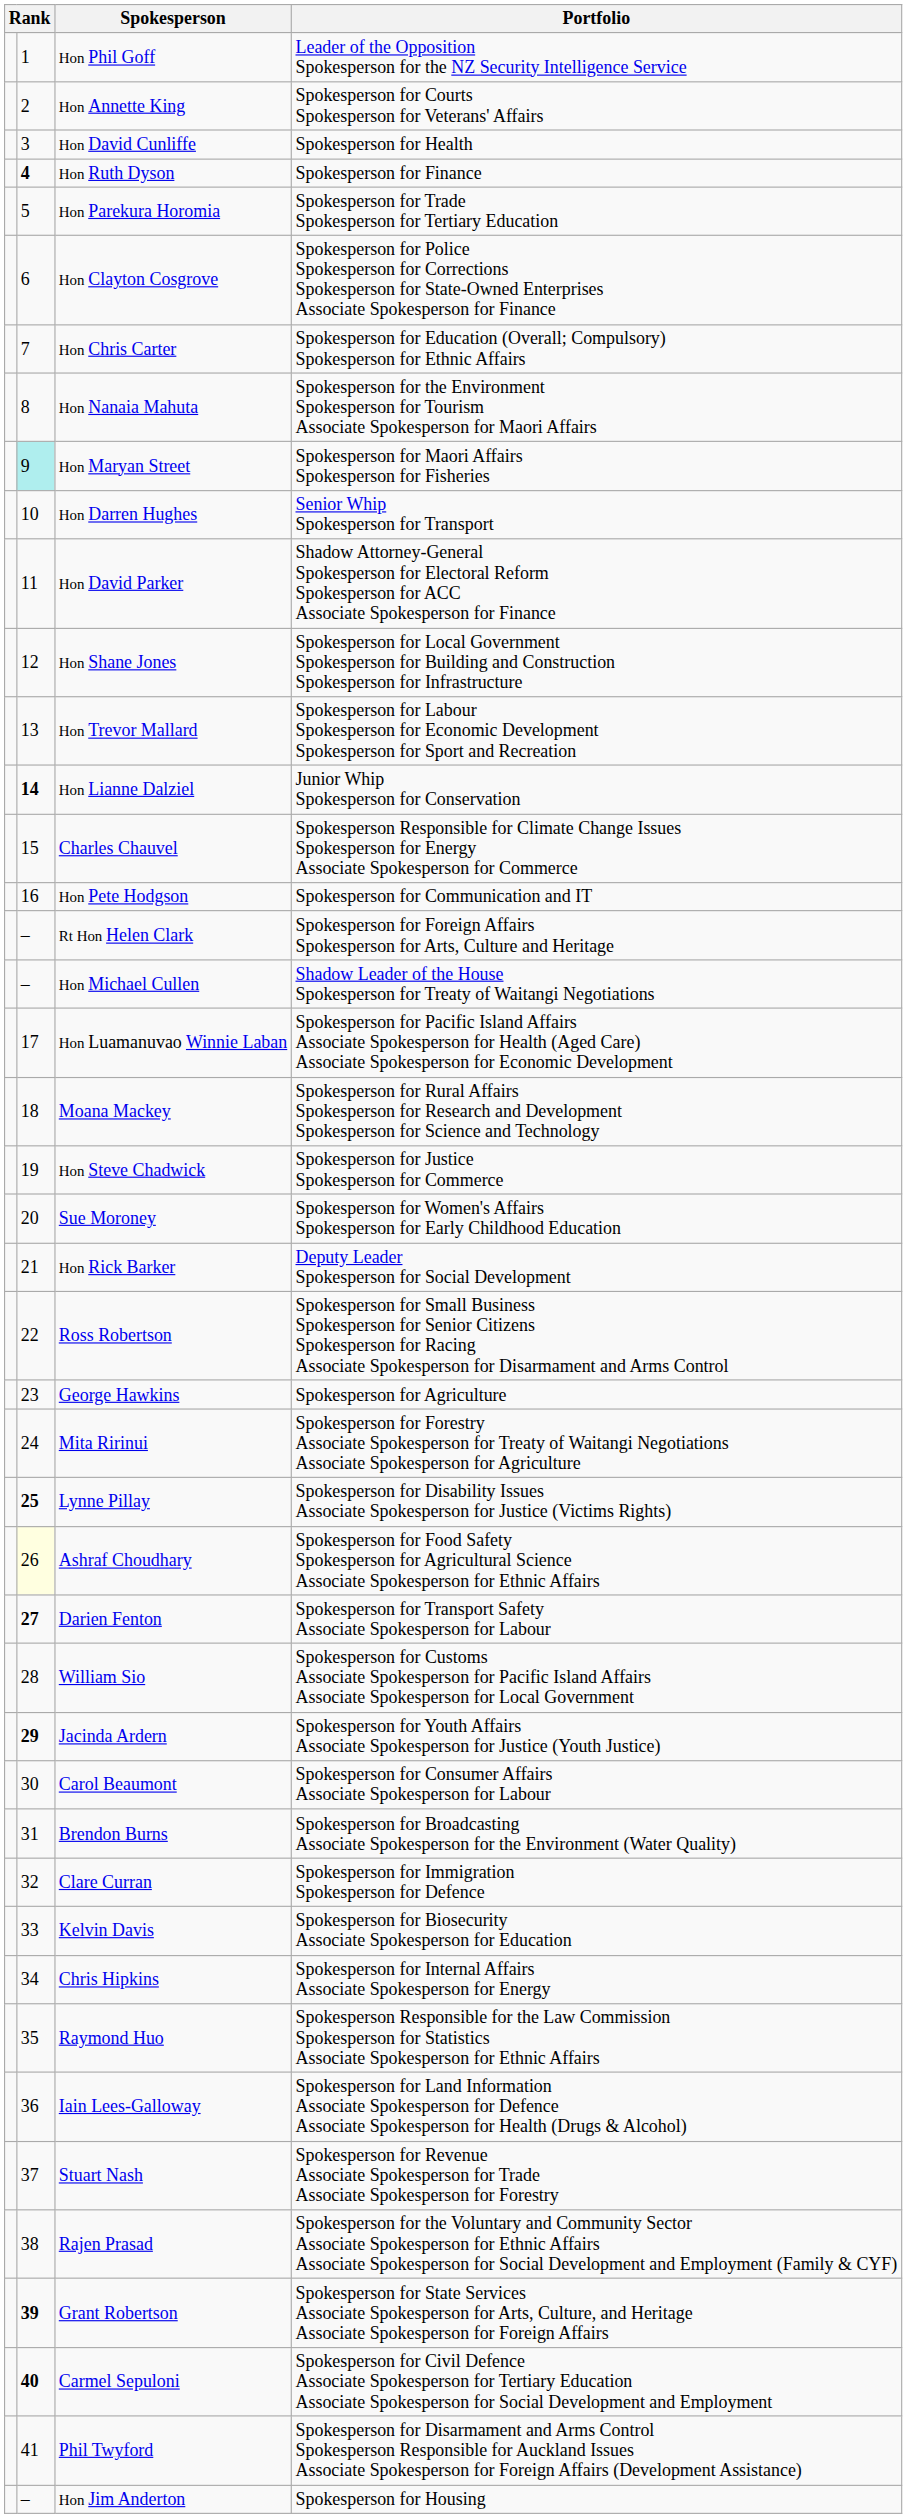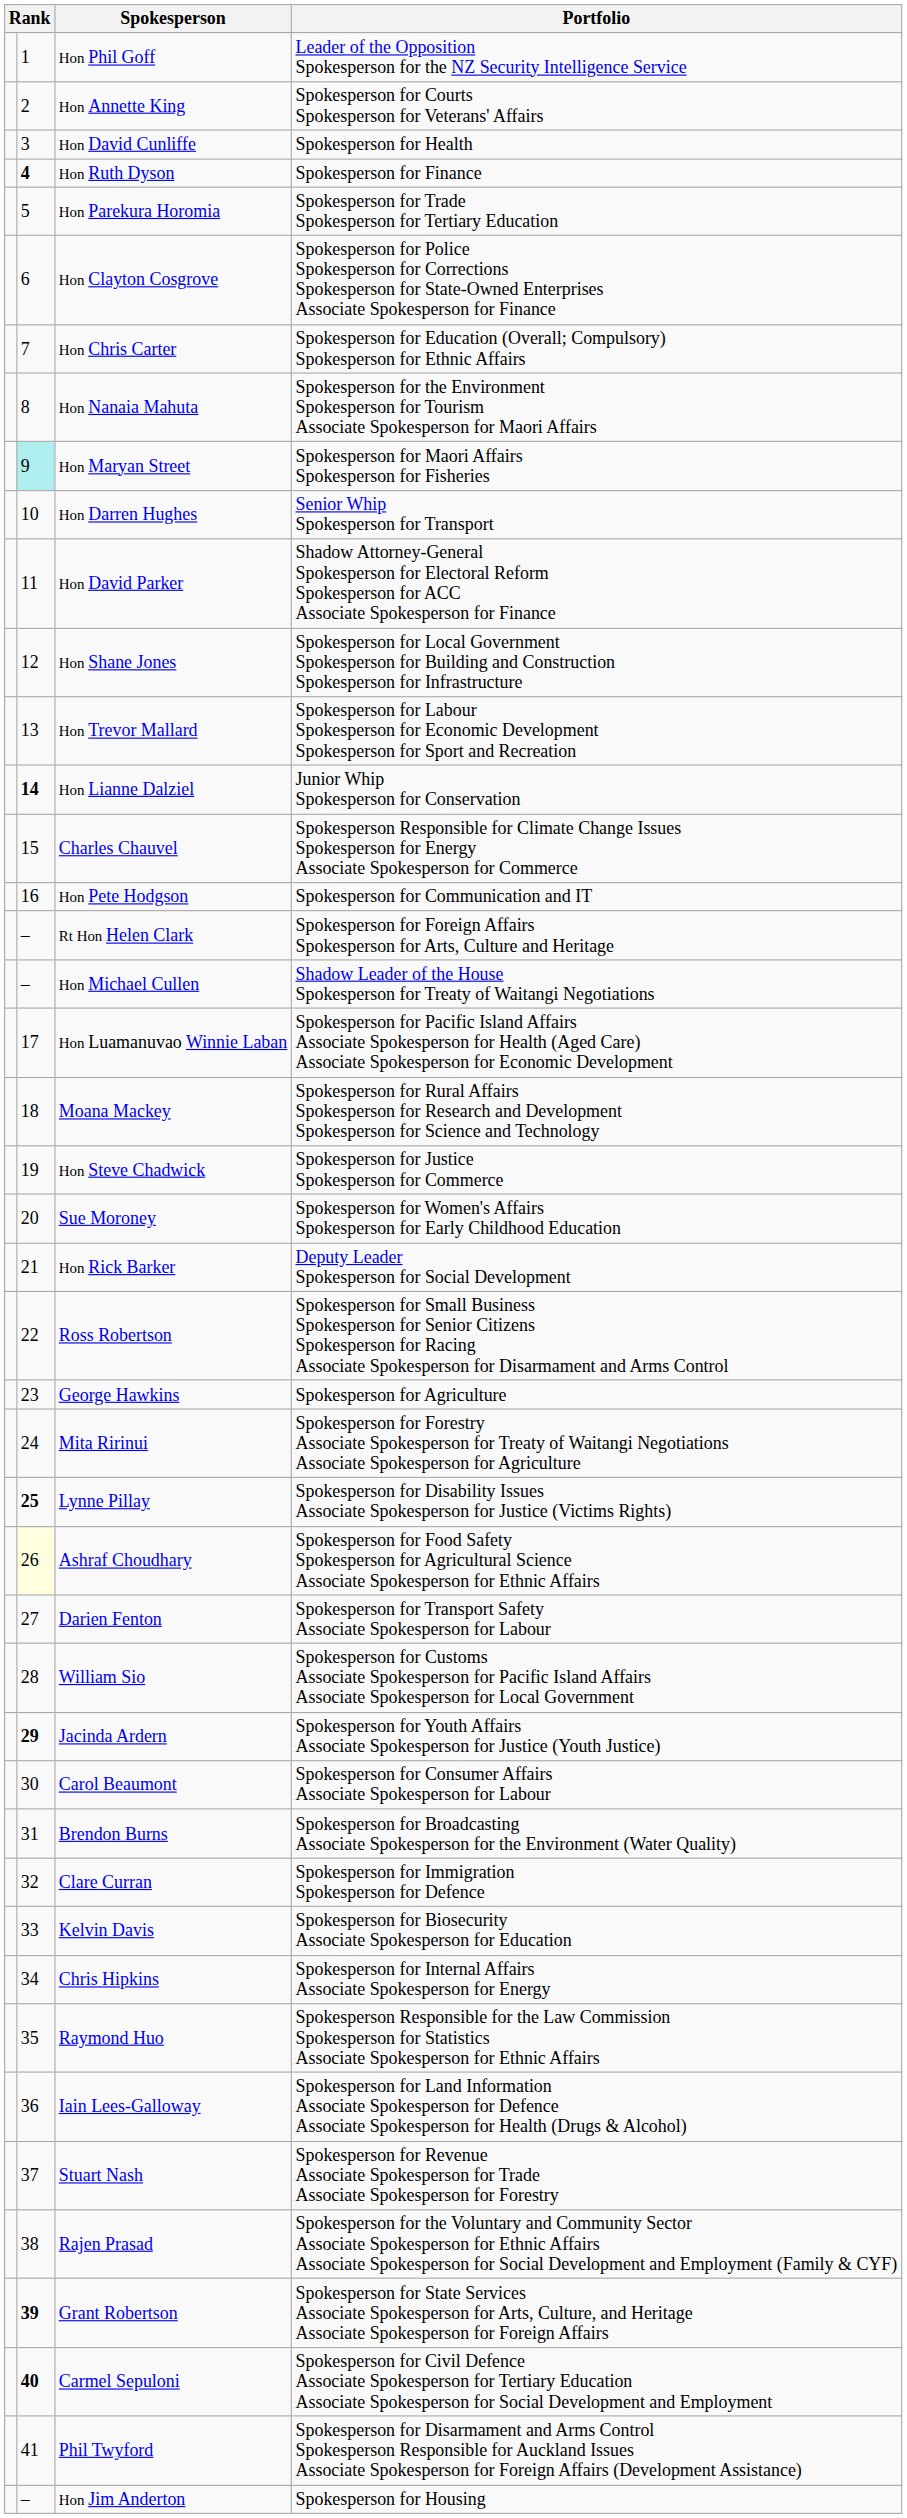 <table class="wikitable">
 <tr>
 <th colspan="2">Rank</th>
 <th>Spokesperson</th>
 <th>Portfolio</th>
 </tr>
 <tr>
 <td bgcolor=></td>
 <td>1</td>
 <td><small>Hon </small><a href='#'>Phil Goff</a></td>
 <td><a href='#'>Leader of the Opposition</a><br>Spokesperson for the <a href='#'>NZ Security Intelligence Service</a></td>
 </tr>
 <tr>
 <td bgcolor=></td>
 <td>2</td>
 <td><small>Hon </small><a href='#'>Annette King</a></td>
 <td>Spokesperson for Courts<br>Spokesperson for Veterans' Affairs</td>
 </tr>
 <tr>
 <td></td>
 <td>3</td>
 <td><small>Hon </small><a href='#'>David Cunliffe</a></td>
 <td>Spokesperson for Health</td>
 </tr>
 <tr>
 <td></td>
 <td><strong>4</strong></td>
 <td><small>Hon </small><a href='#'>Ruth Dyson</a></td>
 <td>Spokesperson for Finance</td>
 </tr>
 <tr>
 <td></td>
 <td>5</td>
 <td><small>Hon </small><a href='#'>Parekura Horomia</a></td>
 <td>Spokesperson for Trade<br>Spokesperson for Tertiary Education</td>
 </tr>
 <tr>
 <td></td>
 <td>6</td>
 <td><small>Hon </small><a href='#'>Clayton Cosgrove</a></td>
 <td>Spokesperson for Police<br>Spokesperson for Corrections<br>Spokesperson for State-Owned Enterprises<br>Associate Spokesperson for Finance</td>
 </tr>
 <tr>
 <td></td>
 <td>7</td>
 <td><small>Hon </small><a href='#'>Chris Carter</a></td>
 <td>Spokesperson for Education (Overall; Compulsory)<br>Spokesperson for Ethnic Affairs</td>
 </tr>
 <tr>
 <td></td>
 <td>8</td>
 <td><small>Hon </small><a href='#'>Nanaia Mahuta</a></td>
 <td>Spokesperson for the Environment<br>Spokesperson for Tourism<br>Associate Spokesperson for Maori Affairs</td>
 </tr>
 <tr>
 <td></td>
 <td style="background: paleturquoise;">9</td>
 <td><small>Hon </small><a href='#'>Maryan Street</a></td>
 <td>Spokesperson for Maori Affairs<br>Spokesperson for Fisheries</td>
 </tr>
 <tr>
 <td></td>
 <td>10</td>
 <td><small>Hon </small><a href='#'>Darren Hughes</a></td>
 <td><a href='#'>Senior Whip</a><br>Spokesperson for Transport</td>
 </tr>
 <tr>
 <td></td>
 <td>11</td>
 <td><small>Hon </small><a href='#'>David Parker</a></td>
 <td>Shadow Attorney-General<br>Spokesperson for Electoral Reform<br>Spokesperson for ACC<br>Associate Spokesperson for Finance</td>
 </tr>
 <tr>
 <td></td>
 <td>12</td>
 <td><small>Hon </small><a href='#'>Shane Jones</a></td>
 <td>Spokesperson for Local Government<br>Spokesperson for Building and Construction<br>Spokesperson for Infrastructure</td>
 </tr>
 <tr>
 <td></td>
 <td>13</td>
 <td><small>Hon </small><a href='#'>Trevor Mallard</a></td>
 <td>Spokesperson for Labour<br>Spokesperson for Economic Development<br>Spokesperson for Sport and Recreation</td>
 </tr>
 <tr>
 <td></td>
 <td><strong>14</strong></td>
 <td><small>Hon </small><a href='#'>Lianne Dalziel</a></td>
 <td>Junior Whip<br>Spokesperson for Conservation</td>
 </tr>
 <tr>
 <td></td>
 <td>15</td>
 <td><a href='#'>Charles Chauvel</a></td>
 <td>Spokesperson Responsible for Climate Change Issues<br>Spokesperson for Energy<br>Associate Spokesperson for Commerce</td>
 </tr>
 <tr>
 <td></td>
 <td>16</td>
 <td><small>Hon </small><a href='#'>Pete Hodgson</a></td>
 <td>Spokesperson for Communication and IT</td>
 </tr>
 <tr>
 <td></td>
 <td>–</td>
 <td><small>Rt Hon </small><a href='#'>Helen Clark</a></td>
 <td>Spokesperson for Foreign Affairs<br>Spokesperson for Arts, Culture and Heritage</td>
 </tr>
 <tr>
 <td></td>
 <td>–</td>
 <td><small>Hon </small><a href='#'>Michael Cullen</a></td>
 <td><a href='#'>Shadow Leader of the House</a><br>Spokesperson for Treaty of Waitangi Negotiations</td>
 </tr>
 <tr>
 <td bgcolor=></td>
 <td>17</td>
 <td><small>Hon </small>Luamanuvao <a href='#'>Winnie Laban</a></td>
 <td>Spokesperson for Pacific Island Affairs<br>Associate Spokesperson for Health (Aged Care)<br>Associate Spokesperson for Economic Development</td>
 </tr>
 <tr>
 <td bgcolor=></td>
 <td>18</td>
 <td><a href='#'>Moana Mackey</a></td>
 <td>Spokesperson for Rural Affairs<br>Spokesperson for Research and Development<br>Spokesperson for Science and Technology</td>
 </tr>
 <tr>
 <td bgcolor=></td>
 <td>19</td>
 <td><small>Hon </small><a href='#'>Steve Chadwick</a></td>
 <td>Spokesperson for Justice<br>Spokesperson for Commerce</td>
 </tr>
 <tr>
 <td bgcolor=></td>
 <td>20</td>
 <td><a href='#'>Sue Moroney</a></td>
 <td>Spokesperson for Women's Affairs<br>Spokesperson for Early Childhood Education</td>
 </tr>
 <tr>
 <td bgcolor=></td>
 <td>21</td>
 <td><small>Hon </small><a href='#'>Rick Barker</a></td>
 <td><a href='#'>Deputy Leader</a><br>Spokesperson for Social Development</td>
 </tr>
 <tr>
 <td bgcolor=></td>
 <td>22</td>
 <td><a href='#'>Ross Robertson</a></td>
 <td>Spokesperson for Small Business<br>Spokesperson for Senior Citizens<br>Spokesperson for Racing<br>Associate Spokesperson for Disarmament and Arms Control</td>
 </tr>
 <tr>
 <td bgcolor=></td>
 <td>23</td>
 <td><a href='#'>George Hawkins</a></td>
 <td>Spokesperson for Agriculture</td>
 </tr>
 <tr>
 <td bgcolor=></td>
 <td>24</td>
 <td><a href='#'>Mita Ririnui</a></td>
 <td>Spokesperson for Forestry<br>Associate Spokesperson for Treaty of Waitangi Negotiations<br>Associate Spokesperson for Agriculture</td>
 </tr>
 <tr>
 <td bgcolor=></td>
 <td><strong>25</strong></td>
 <td><a href='#'>Lynne Pillay</a></td>
 <td>Spokesperson for Disability Issues<br>Associate Spokesperson for Justice (Victims Rights)</td>
 </tr>
 <tr>
 <td bgcolor=></td>
 <td style="background: lightyellow;">26</td>
 <td><a href='#'>Ashraf Choudhary</a></td>
 <td>Spokesperson for Food Safety<br>Spokesperson for Agricultural Science<br>Associate Spokesperson for Ethnic Affairs</td>
 </tr>
 <tr>
 <td bgcolor=></td>
-<td><strong>27</strong></td>
+<td>27</td>
 <td><a href='#'>Darien Fenton</a></td>
 <td>Spokesperson for Transport Safety<br>Associate Spokesperson for Labour</td>
 </tr>
 <tr>
 <td bgcolor=></td>
 <td>28</td>
 <td><a href='#'>William Sio</a></td>
 <td>Spokesperson for Customs<br>Associate Spokesperson for Pacific Island Affairs<br>Associate Spokesperson for Local Government</td>
 </tr>
 <tr>
 <td bgcolor=></td>
 <td><strong>29</strong></td>
 <td><a href='#'>Jacinda Ardern</a></td>
 <td>Spokesperson for Youth Affairs<br>Associate Spokesperson for Justice (Youth Justice)</td>
 </tr>
 <tr>
 <td bgcolor=></td>
 <td>30</td>
 <td><a href='#'>Carol Beaumont</a></td>
 <td>Spokesperson for Consumer Affairs<br>Associate Spokesperson for Labour</td>
 </tr>
 <tr>
 <td bgcolor=></td>
 <td>31</td>
 <td><a href='#'>Brendon Burns</a></td>
 <td>Spokesperson for Broadcasting<br>Associate Spokesperson for the Environment (Water Quality)</td>
 </tr>
 <tr>
 <td bgcolor=></td>
 <td>32</td>
 <td><a href='#'>Clare Curran</a></td>
 <td>Spokesperson for Immigration<br>Spokesperson for Defence</td>
 </tr>
 <tr>
 <td bgcolor=></td>
 <td>33</td>
 <td><a href='#'>Kelvin Davis</a></td>
 <td>Spokesperson for Biosecurity<br>Associate Spokesperson for Education</td>
 </tr>
 <tr>
 <td bgcolor=></td>
 <td>34</td>
 <td><a href='#'>Chris Hipkins</a></td>
 <td>Spokesperson for Internal Affairs<br>Associate Spokesperson for Energy</td>
 </tr>
 <tr>
 <td bgcolor=></td>
 <td>35</td>
 <td><a href='#'>Raymond Huo</a></td>
 <td>Spokesperson Responsible for the Law Commission<br>Spokesperson for Statistics<br>Associate Spokesperson for Ethnic Affairs</td>
 </tr>
 <tr>
 <td bgcolor=></td>
 <td>36</td>
 <td><a href='#'>Iain Lees-Galloway</a></td>
 <td>Spokesperson for Land Information<br>Associate Spokesperson for Defence<br>Associate Spokesperson for Health (Drugs & Alcohol)</td>
 </tr>
 <tr>
 <td bgcolor=></td>
 <td>37</td>
 <td><a href='#'>Stuart Nash</a></td>
 <td>Spokesperson for Revenue<br>Associate Spokesperson for Trade<br>Associate Spokesperson for Forestry</td>
 </tr>
 <tr>
 <td bgcolor=></td>
 <td>38</td>
 <td><a href='#'>Rajen Prasad</a></td>
 <td>Spokesperson for the Voluntary and Community Sector<br>Associate Spokesperson for Ethnic Affairs<br>Associate Spokesperson for Social Development and Employment (Family & CYF)</td>
 </tr>
 <tr>
 <td bgcolor=></td>
 <td><strong>39</strong></td>
 <td><a href='#'>Grant Robertson</a></td>
 <td>Spokesperson for State Services<br>Associate Spokesperson for Arts, Culture, and Heritage<br>Associate Spokesperson for Foreign Affairs</td>
 </tr>
 <tr>
 <td bgcolor=></td>
 <td><strong>40</strong></td>
 <td><a href='#'>Carmel Sepuloni</a></td>
 <td>Spokesperson for Civil Defence<br>Associate Spokesperson for Tertiary Education<br>Associate Spokesperson for Social Development and Employment</td>
 </tr>
 <tr>
 <td bgcolor=></td>
 <td>41</td>
 <td><a href='#'>Phil Twyford</a></td>
 <td>Spokesperson for Disarmament and Arms Control<br>Spokesperson Responsible for Auckland Issues<br>Associate Spokesperson for Foreign Affairs (Development Assistance)</td>
 </tr>
 <tr>
 <td bgcolor=></td>
 <td>–</td>
 <td><small>Hon </small><a href='#'>Jim Anderton</a></td>
 <td>Spokesperson for Housing</td>
 </tr>
 </table>
